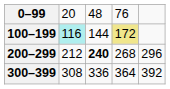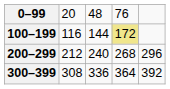 <table class="wikitable">
 <tr>
 <th>0–99</th>
 <td>20</td>
 <td>48</td>
 <td>76</td>
 <td></td>
 </tr>
 <tr>
 <th>100–199</th>
-<td style="background: paleturquoise;">116</td>
+<td>116</td>
 <td>144</td>
 <td style="background: khaki;">172</td>
 <td></td>
 </tr>
 <tr>
 <th>200–299</th>
 <td>212</td>
-<td><strong>240</strong></td>
+<td>240</td>
 <td>268</td>
 <td>296</td>
 </tr>
 <tr>
 <th>300–399</th>
 <td>308</td>
 <td>336</td>
 <td>364</td>
 <td>392</td>
 </tr>
 </table>
